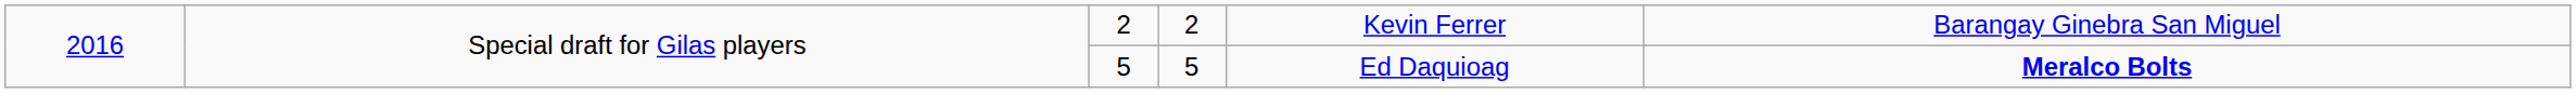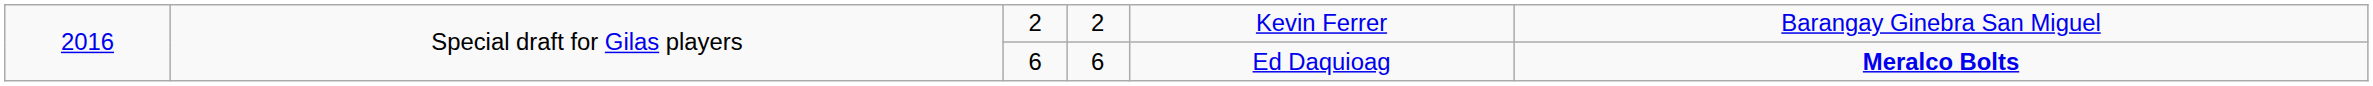 <table class=wikitable width=80%>
 <tr align=center>
 <td rowspan=2><a href='#'>2016</a></td>
 <td rowspan=2>Special draft for <a href='#'>Gilas</a> players</td>
 <td>2</td>
 <td>2</td>
 <td><a href='#'>Kevin Ferrer</a></td>
 <td><a href='#'>Barangay Ginebra San Miguel</a></td>
 </tr>
 <tr align=center>
-<td>5</td>
-<td>5</td>
+<td>6</td>
+<td>6</td>
 <td><a href='#'>Ed Daquioag</a></td>
 <td><strong><a href='#'>Meralco Bolts</a></strong></td>
 </tr>
 </table>
